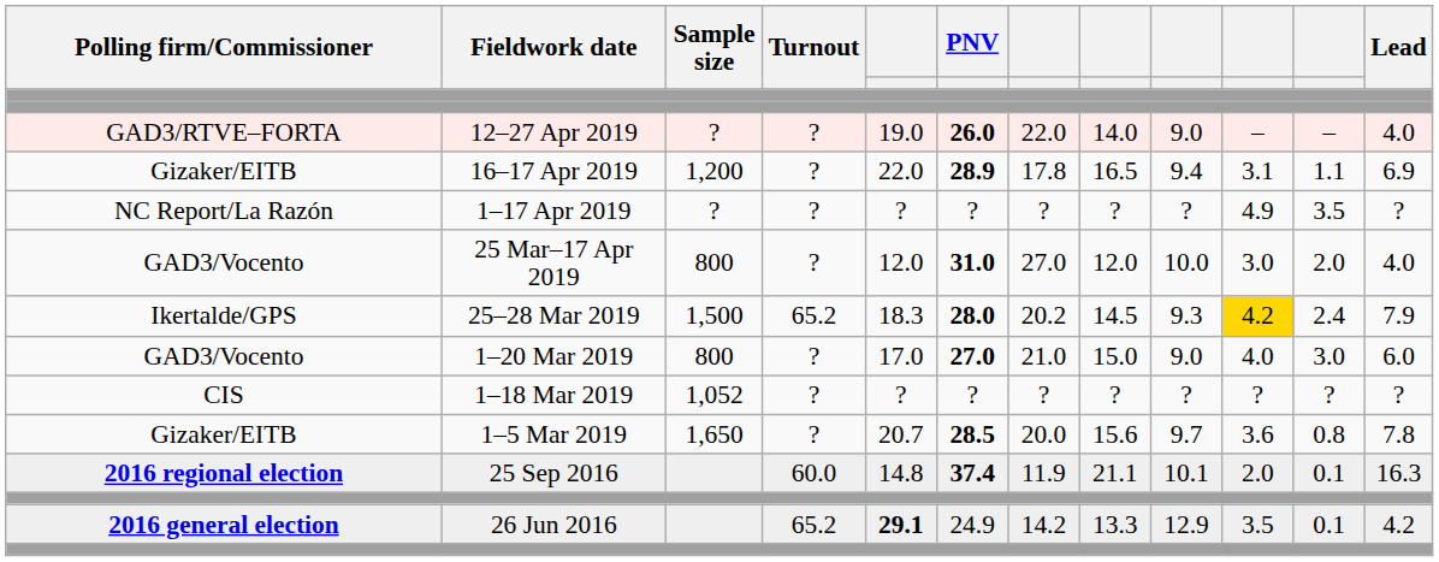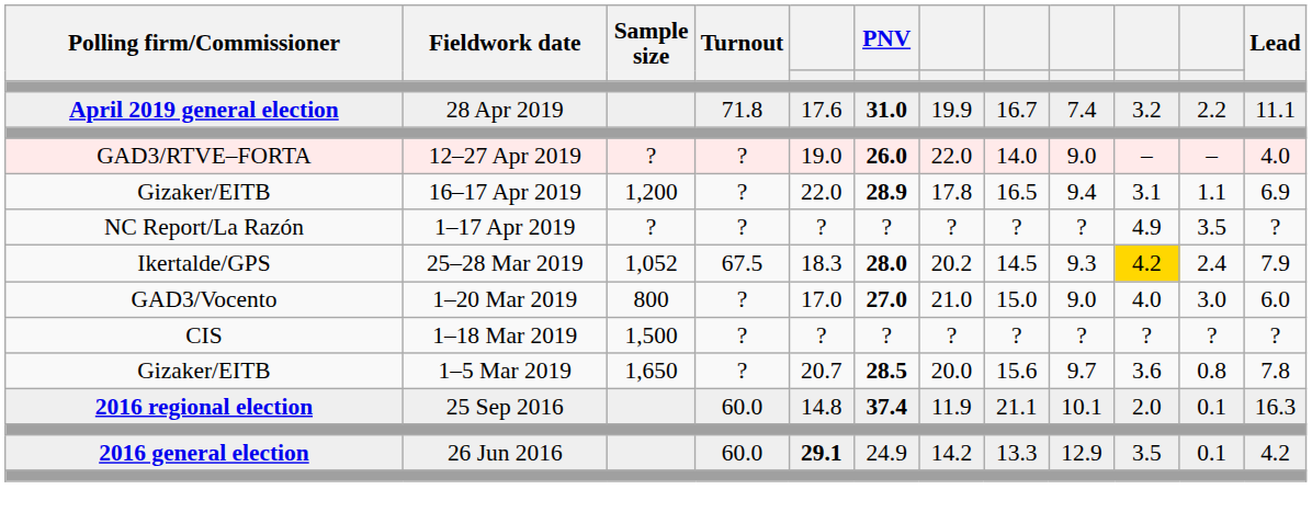 <table class="wikitable collapsible collapsed" style="text-align:center; font-size:95%; line-height:16px;">
 <tr style="height:42px;">
 <th style="width:250px;" rowspan="2">Polling firm/Commissioner</th>
 <th style="width:125px;" rowspan="2">Fieldwork date</th>
 <th style="width:50px;" rowspan="2">Sample size</th>
 <th style="width:45px;" rowspan="2">Turnout</th>
 <th style="width:35px;"></th>
 <th style="width:35px;"><a href='#'>PNV</a></th>
 <th style="width:35px;"></th>
 <th style="width:35px;"></th>
 <th style="width:35px;"></th>
 <th style="width:35px;"></th>
 <th style="width:35px;"></th>
 <th style="width:30px;" rowspan="2">Lead</th>
 </tr>
 <tr>
 <th style="color:inherit;background:"></th>
 <th style="color:inherit;background:"></th>
 <th style="color:inherit;background:"></th>
 <th style="color:inherit;background:"></th>
 <th style="color:inherit;background:"></th>
 <th style="color:inherit;background:"></th>
 <th style="color:inherit;background:"></th>
 </tr>
 <tr>
 <td colspan="12" style="background:#A0A0A0"></td>
+</tr>
+<tr style="background:#EFEFEF;">
+<td><strong><a href='#'>April 2019 general election</a></strong></td>
+<td>28 Apr 2019</td>
+<td></td>
+<td>71.8</td>
+<td>17.6<br></td>
+<td><strong>31.0</strong><br></td>
+<td>19.9<br></td>
+<td>16.7<br></td>
+<td>7.4<br></td>
+<td>3.2<br></td>
+<td>2.2<br></td>
+<td style="background:">11.1</td>
 </tr>
 <tr>
 <td colspan="12" style="background:#A0A0A0"></td>
 </tr>
 <tr style="background:#FFEAEA;">
 <td>GAD3/RTVE–FORTA</td>
 <td>12–27 Apr 2019</td>
 <td>?</td>
 <td>?</td>
 <td>19.0<br></td>
 <td><strong>26.0</strong><br></td>
 <td>22.0<br></td>
 <td>14.0<br></td>
 <td>9.0<br></td>
 <td>–</td>
 <td>–</td>
 <td style="background:">4.0</td>
 </tr>
 <tr>
 <td>Gizaker/EITB</td>
 <td>16–17 Apr 2019</td>
 <td>1,200</td>
 <td>?</td>
 <td>22.0<br></td>
 <td><strong>28.9</strong><br></td>
 <td>17.8<br></td>
 <td>16.5<br></td>
 <td>9.4<br></td>
 <td>3.1<br></td>
 <td>1.1<br></td>
 <td style="background:">6.9</td>
 </tr>
 <tr>
 <td>NC Report/La Razón</td>
 <td>1–17 Apr 2019</td>
 <td>?</td>
 <td>?</td>
 <td>?<br></td>
 <td>?<br></td>
 <td>?<br></td>
 <td>?<br></td>
 <td>?<br></td>
 <td>4.9<br></td>
 <td>3.5<br></td>
 <td style="background:">?</td>
 </tr>
 <tr>
-<td>GAD3/Vocento</td>
-<td>25 Mar–17 Apr 2019</td>
-<td>800</td>
-<td>?</td>
-<td>12.0<br></td>
-<td><strong>31.0</strong><br></td>
-<td>27.0<br></td>
-<td>12.0<br></td>
-<td>10.0<br></td>
-<td>3.0<br></td>
-<td>2.0<br></td>
-<td style="background:">4.0</td>
-</tr>
-<tr>
 <td>Ikertalde/GPS</td>
 <td>25–28 Mar 2019</td>
-<td>1,500</td>
-<td>65.2</td>
+<td>1,052</td>
+<td>67.5</td>
 <td>18.3<br></td>
 <td><strong>28.0</strong><br></td>
 <td>20.2<br></td>
 <td>14.5<br></td>
 <td>9.3<br></td>
 <td style="background: gold;">4.2<br></td>
 <td>2.4<br></td>
 <td style="background:">7.9</td>
 </tr>
 <tr>
 <td>GAD3/Vocento</td>
 <td>1–20 Mar 2019</td>
 <td>800</td>
 <td>?</td>
 <td>17.0<br></td>
 <td><strong>27.0</strong><br></td>
 <td>21.0<br></td>
 <td>15.0<br></td>
 <td>9.0<br></td>
 <td>4.0<br></td>
 <td>3.0<br></td>
 <td style="background:">6.0</td>
 </tr>
 <tr>
 <td>CIS</td>
 <td>1–18 Mar 2019</td>
-<td>1,052</td>
+<td>1,500</td>
 <td>?</td>
 <td>?<br></td>
 <td>?<br></td>
 <td>?<br></td>
 <td>?<br></td>
 <td>?<br></td>
 <td>?<br></td>
 <td>?<br></td>
 <td style="background:">?</td>
 </tr>
 <tr>
 <td>Gizaker/EITB</td>
 <td>1–5 Mar 2019</td>
 <td>1,650</td>
 <td>?</td>
 <td>20.7<br></td>
 <td><strong>28.5</strong><br></td>
 <td>20.0<br></td>
 <td>15.6<br></td>
 <td>9.7<br></td>
 <td>3.6<br></td>
 <td>0.8<br></td>
 <td style="background:">7.8</td>
 </tr>
 <tr style="background:#EFEFEF;">
 <td><strong><a href='#'>2016 regional election</a></strong></td>
 <td>25 Sep 2016</td>
 <td></td>
 <td>60.0</td>
 <td>14.8<br></td>
 <td><strong>37.4</strong><br></td>
 <td>11.9<br></td>
 <td>21.1<br></td>
 <td>10.1<br></td>
 <td>2.0<br></td>
 <td>0.1<br></td>
 <td style="background:">16.3</td>
 </tr>
 <tr>
 <td colspan="12" style="background:#A0A0A0"></td>
 </tr>
 <tr style="background:#EFEFEF;">
 <td><strong><a href='#'>2016 general election</a></strong></td>
 <td>26 Jun 2016</td>
 <td></td>
-<td>65.2</td>
+<td>60.0</td>
 <td><strong>29.1</strong><br></td>
 <td>24.9<br></td>
 <td>14.2<br></td>
 <td>13.3<br></td>
 <td>12.9<br></td>
 <td>3.5<br></td>
 <td>0.1<br></td>
 <td style="background:">4.2</td>
 </tr>
 <tr>
 <td colspan="12" style="background:#A0A0A0"></td>
 </tr>
 </table>
